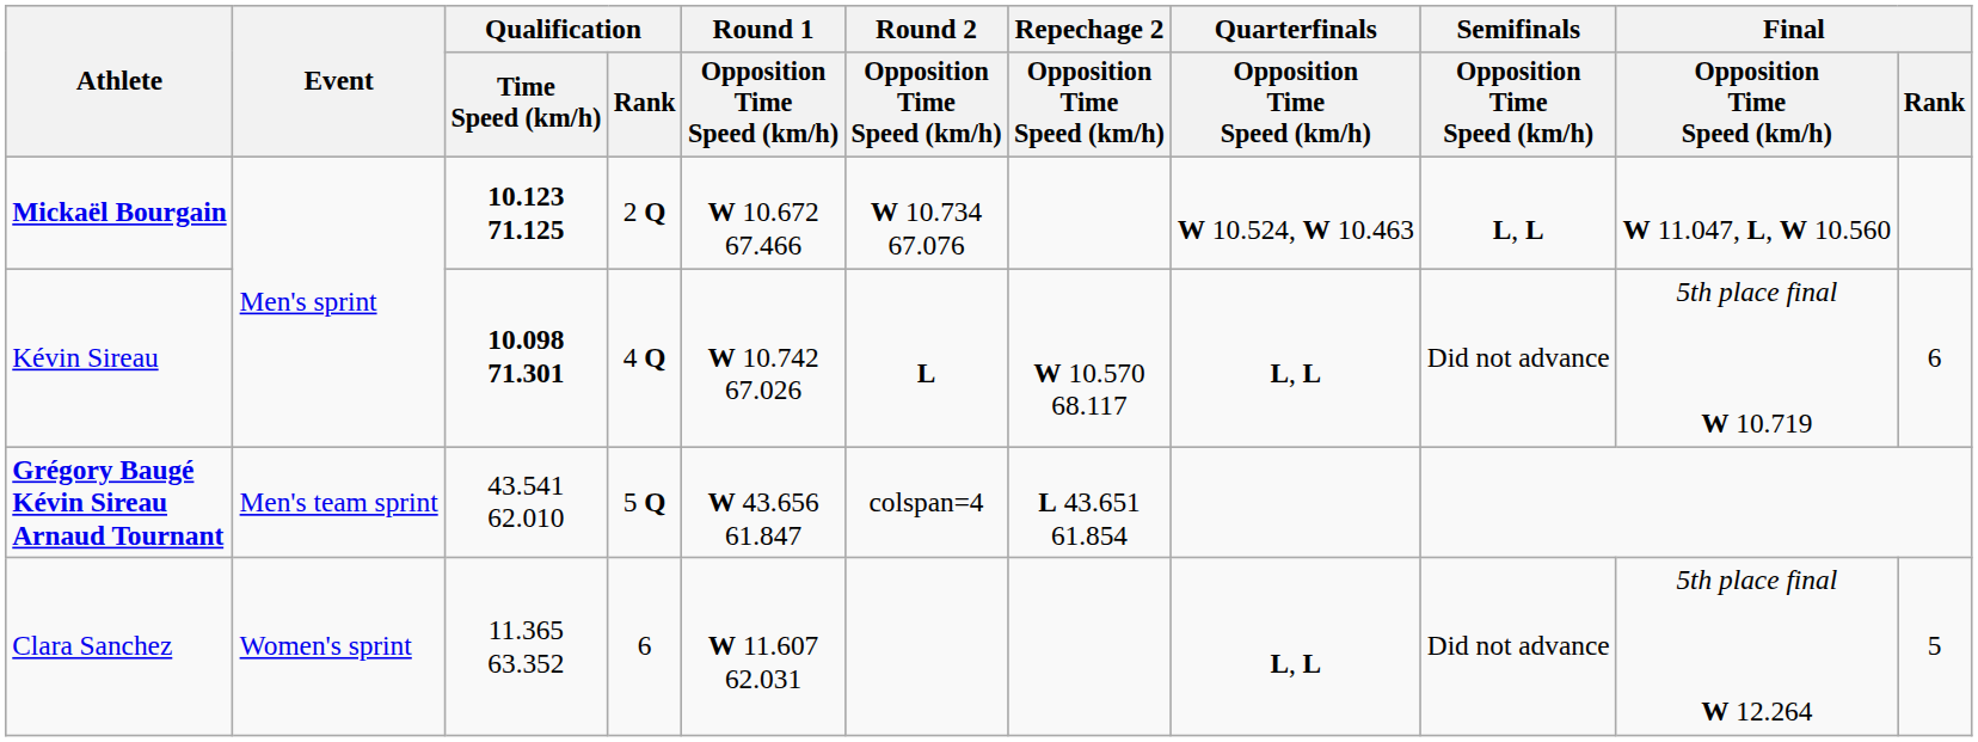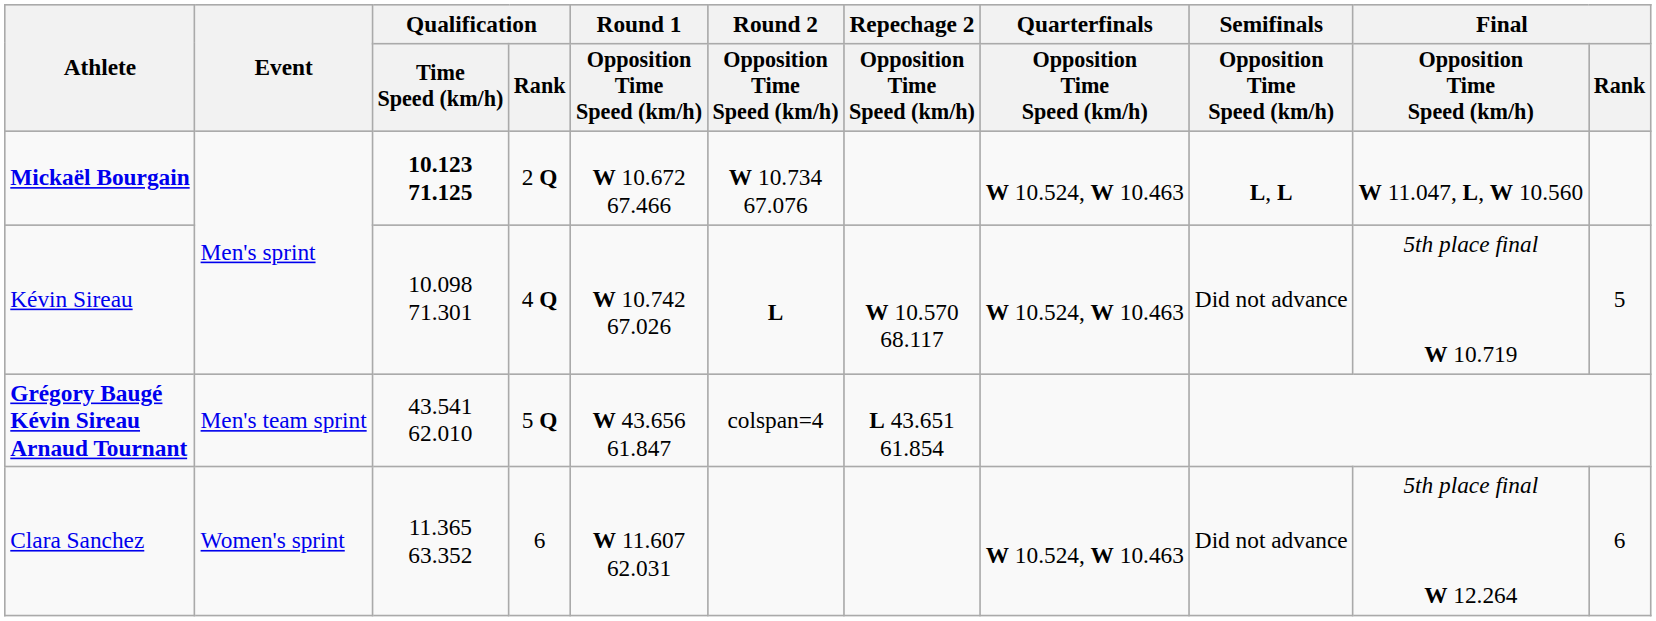 <table class="wikitable" style="font-size:90%">
 <tr>
 <th rowspan="2">Athlete</th>
 <th rowspan="2">Event</th>
 <th colspan=2>Qualification</th>
 <th>Round 1</th>
 <th>Round 2</th>
 <th>Repechage 2</th>
 <th>Quarterfinals</th>
 <th>Semifinals</th>
 <th colspan=2>Final</th>
 </tr>
 <tr style="font-size:95%">
 <th>Time<br>Speed (km/h)</th>
 <th>Rank</th>
 <th>Opposition<br>Time<br>Speed (km/h)</th>
 <th>Opposition<br>Time<br>Speed (km/h)</th>
 <th>Opposition<br>Time<br>Speed (km/h)</th>
 <th>Opposition<br>Time<br>Speed (km/h)</th>
 <th>Opposition<br>Time<br>Speed (km/h)</th>
 <th>Opposition<br>Time<br>Speed (km/h)</th>
 <th>Rank</th>
 </tr>
 <tr align=center>
 <td align=left><strong><a href='#'>Mickaël Bourgain</a></strong></td>
 <td align=left rowspan=2><a href='#'>Men's sprint</a></td>
 <td><strong>10.123<br>71.125</strong></td>
 <td>2 <strong>Q</strong></td>
 <td><br><strong>W</strong> 10.672<br>67.466</td>
 <td><br><strong>W</strong> 10.734<br>67.076</td>
 <td></td>
 <td><br><strong>W</strong> 10.524, <strong>W</strong> 10.463</td>
 <td><br><strong>L</strong>, <strong>L</strong></td>
 <td><br><strong>W</strong> 11.047, <strong>L</strong>, <strong>W</strong> 10.560</td>
 <td></td>
 </tr>
 <tr align=center>
 <td align=left><a href='#'>Kévin Sireau</a></td>
-<td><strong>10.098<br>71.301</strong></td>
+<td>10.098<br>71.301</td>
 <td>4 <strong>Q</strong></td>
 <td><br><strong>W</strong> 10.742<br>67.026</td>
 <td><br><strong>L</strong></td>
 <td><br><br><strong>W</strong> 10.570<br>68.117</td>
-<td><br><strong>L</strong>, <strong>L</strong></td>
+<td><br><strong>W</strong> 10.524, <strong>W</strong> 10.463</td>
 <td>Did not advance</td>
 <td><em>5th place final</em><br><br><br><br><strong>W</strong> 10.719</td>
-<td>6</td>
+<td>5</td>
 </tr>
 <tr align=center>
 <td align=left><strong><a href='#'>Grégory Baugé</a><br><a href='#'>Kévin Sireau</a><br><a href='#'>Arnaud Tournant</a></strong></td>
 <td align=left><a href='#'>Men's team sprint</a></td>
 <td>43.541<br> 62.010</td>
 <td>5 <strong>Q</strong></td>
 <td><br><strong>W</strong> 43.656<br>61.847</td>
 <td>colspan=4 </td>
 <td><br><strong>L</strong> 43.651<br>61.854</td>
 <td></td>
 </tr>
 <tr align=center>
 <td align=left><a href='#'>Clara Sanchez</a></td>
 <td align=left><a href='#'>Women's sprint</a></td>
 <td>11.365<br>63.352</td>
 <td>6</td>
 <td><br><strong>W</strong> 11.607<br>62.031</td>
 <td></td>
 <td></td>
-<td><br><strong>L</strong>, <strong>L</strong></td>
+<td><br><strong>W</strong> 10.524, <strong>W</strong> 10.463</td>
 <td>Did not advance</td>
 <td><em>5th place final</em><br><br><br><br><strong>W</strong> 12.264</td>
-<td>5</td>
+<td>6</td>
 </tr>
 </table>
